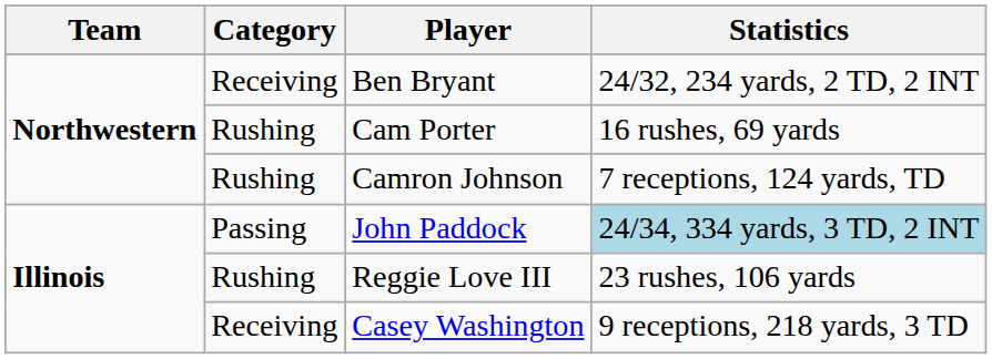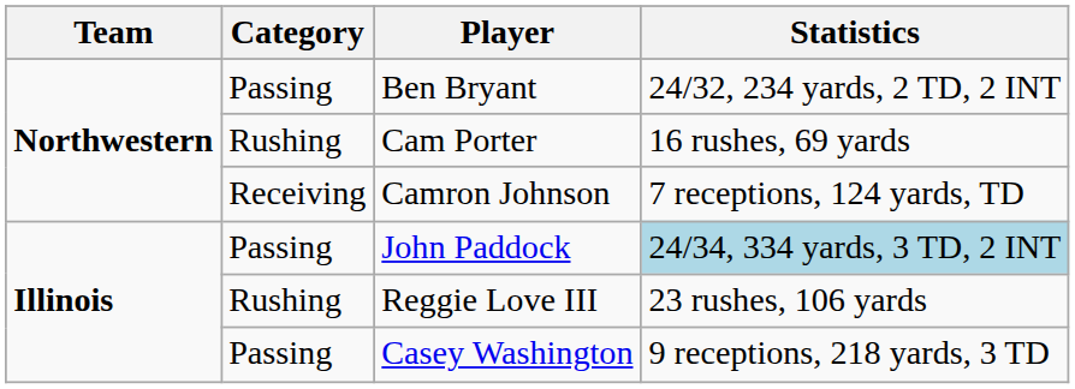 <table class="wikitable" style="float: left;">
 <tr>
 <th>Team</th>
 <th>Category</th>
 <th>Player</th>
 <th>Statistics</th>
 </tr>
 <tr>
 <td rowspan=3><strong>Northwestern</strong></td>
-<td>Receiving</td>
+<td>Passing</td>
 <td>Ben Bryant</td>
 <td>24/32, 234 yards, 2 TD, 2 INT</td>
 </tr>
 <tr>
 <td>Rushing</td>
 <td>Cam Porter</td>
 <td>16 rushes, 69 yards</td>
 </tr>
 <tr>
-<td>Rushing</td>
+<td>Receiving</td>
 <td>Camron Johnson</td>
 <td>7 receptions, 124 yards, TD</td>
 </tr>
 <tr>
 <td rowspan=3><strong>Illinois</strong></td>
 <td>Passing</td>
 <td><a href='#'>John Paddock</a></td>
 <td style="background: lightblue;">24/34, 334 yards, 3 TD, 2 INT</td>
 </tr>
 <tr>
 <td>Rushing</td>
 <td>Reggie Love III</td>
 <td>23 rushes, 106 yards</td>
 </tr>
 <tr>
-<td>Receiving</td>
+<td>Passing</td>
 <td><a href='#'>Casey Washington</a></td>
 <td>9 receptions, 218 yards, 3 TD</td>
 </tr>
 </table>
